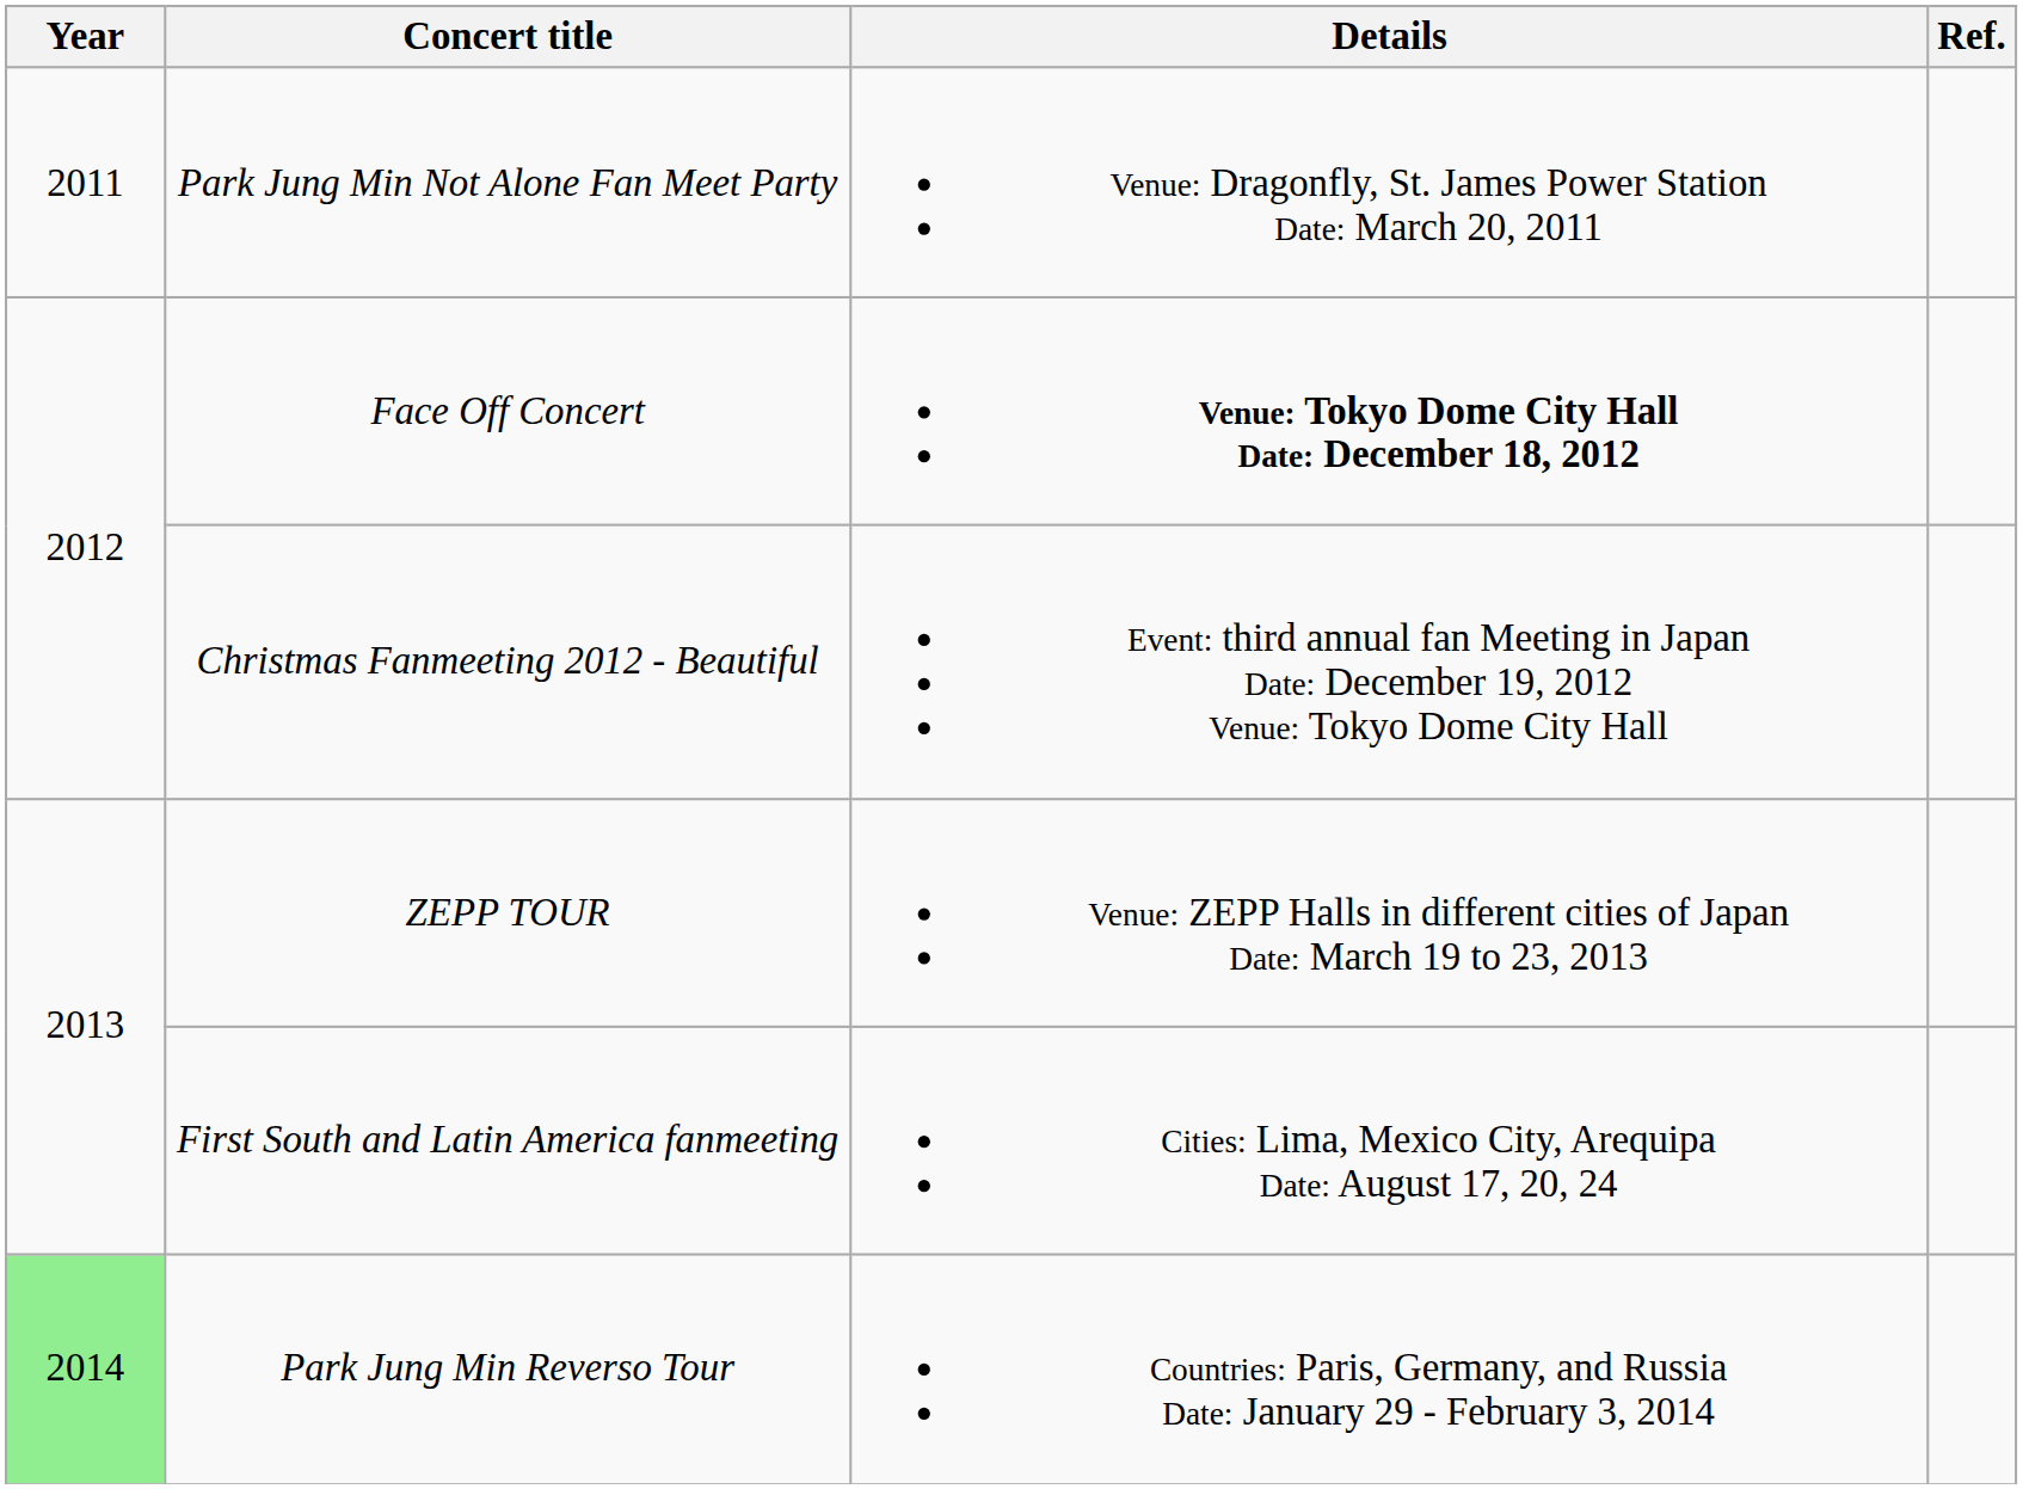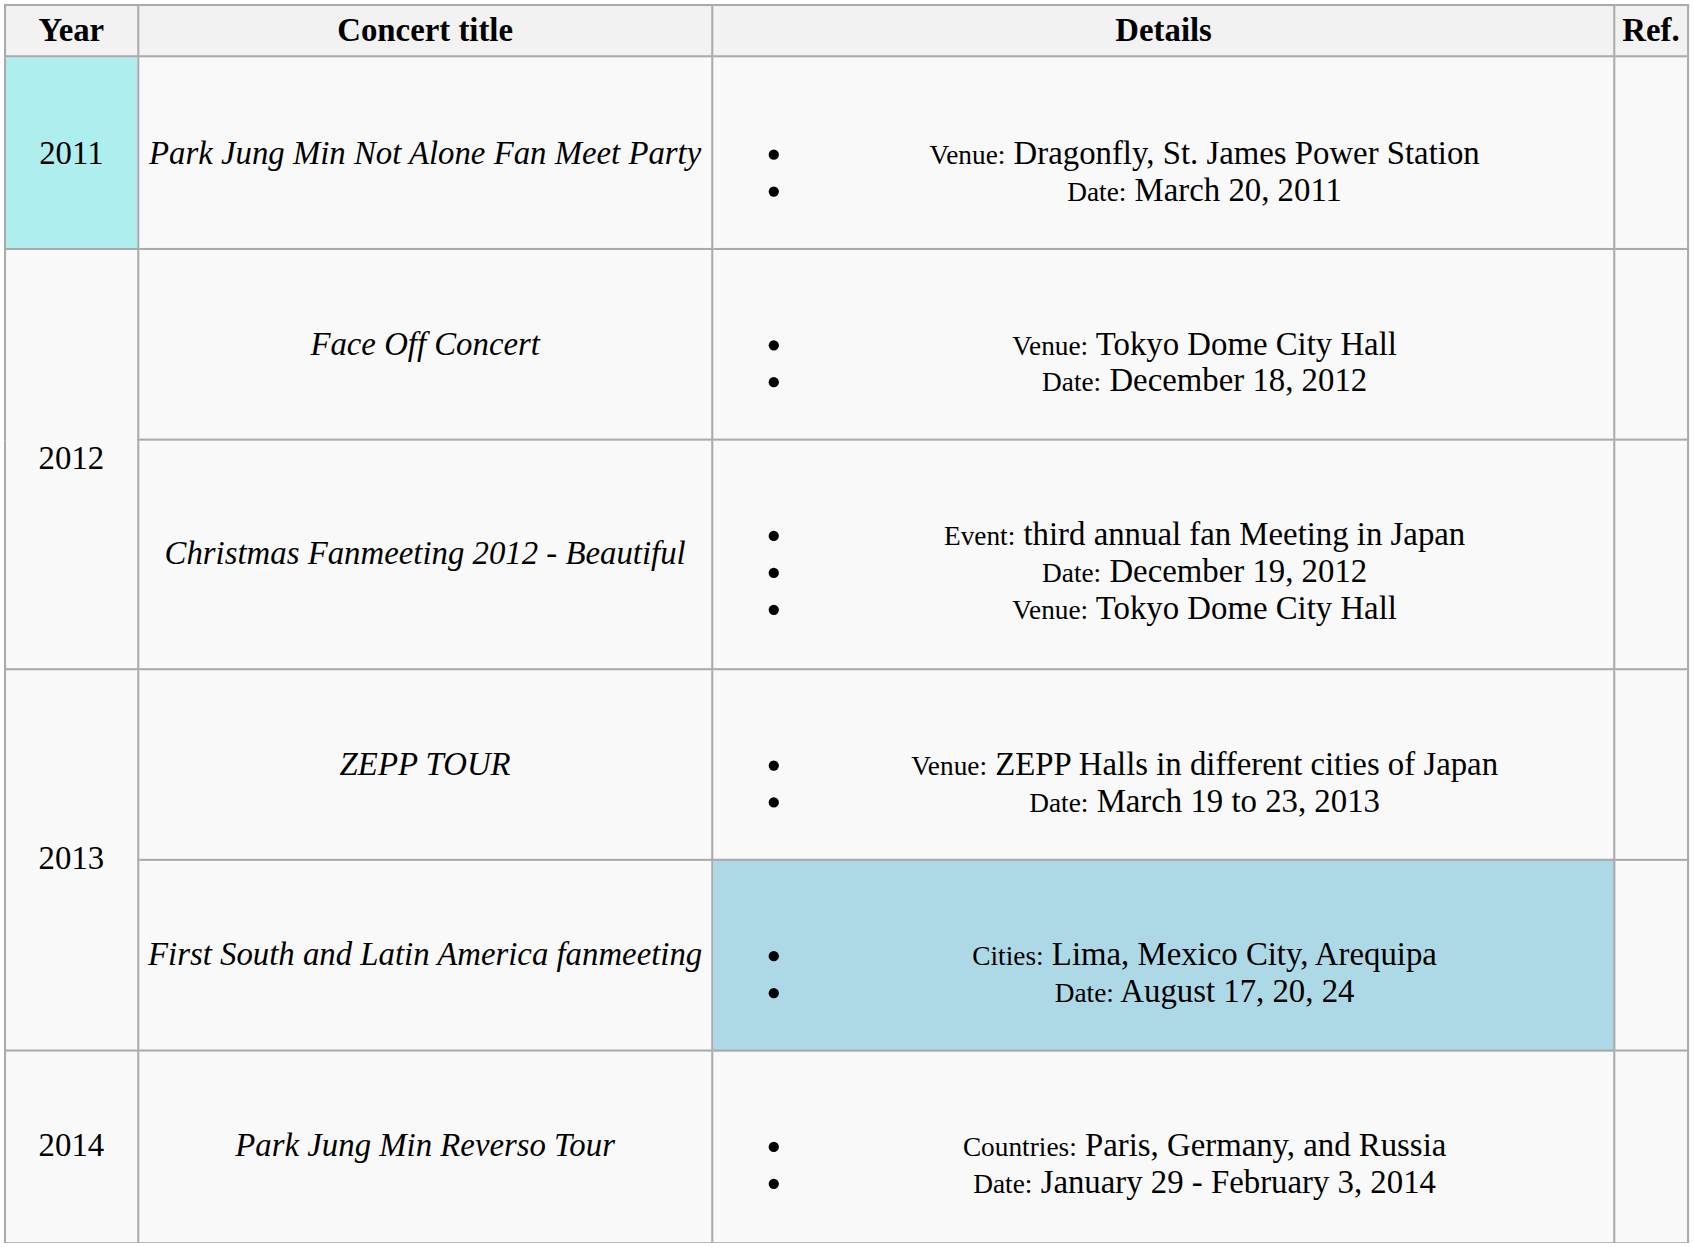 <table class="wikitable"  style="width:65%; text-align:center;">
 <tr>
 <th width=8%>Year</th>
 <th width=35%>Concert title</th>
 <th width=55%>Details</th>
 <th width=2%>Ref.</th>
 </tr>
 <tr>
-<td>2011</td>
+<td style="background: paleturquoise;">2011</td>
 <td><em>Park Jung Min Not Alone Fan Meet Party</em></td>
 <td><br><ul><li><small>Venue:</small> Dragonfly, St. James Power Station</li><li><small>Date:</small> March 20, 2011</li></ul></td>
 <td></td>
 </tr>
 <tr>
 <td rowspan=2>2012</td>
 <td><em>Face Off Concert</em></td>
-<td><strong><br><ul><li><small>Venue:</small> Tokyo Dome City Hall</li><li><small>Date:</small> December 18, 2012</li></ul></strong></td>
+<td><br><ul><li><small>Venue:</small> Tokyo Dome City Hall</li><li><small>Date:</small> December 18, 2012</li></ul></td>
 <td></td>
 </tr>
 <tr>
 <td><em>Christmas Fanmeeting 2012 - Beautiful</em></td>
 <td><br><ul><li><small>Event:</small> third annual fan Meeting in Japan</li><li><small>Date:</small> December 19, 2012</li><li><small>Venue:</small> Tokyo Dome City Hall</li></ul></td>
 <td></td>
 </tr>
 <tr>
 <td rowspan=2>2013</td>
 <td><em>ZEPP TOUR</em></td>
 <td><br><ul><li><small>Venue:</small> ZEPP Halls in different cities of Japan</li><li><small>Date:</small> March 19 to 23, 2013</li></ul></td>
 <td></td>
 </tr>
 <tr>
 <td><em>First South and Latin America fanmeeting</em></td>
-<td><br><ul><li><small>Cities:</small> Lima, Mexico City, Arequipa</li><li><small>Date:</small> August 17, 20, 24</li></ul></td>
+<td style="background: lightblue;"><br><ul><li><small>Cities:</small> Lima, Mexico City, Arequipa</li><li><small>Date:</small> August 17, 20, 24</li></ul></td>
 <td></td>
 </tr>
 <tr>
-<td style="background: lightgreen;">2014</td>
+<td>2014</td>
 <td><em>Park Jung Min Reverso Tour</em></td>
 <td><br><ul><li><small>Countries:</small> Paris, Germany, and Russia</li><li><small>Date:</small> January 29 - February 3, 2014</li></ul></td>
 <td></td>
 </tr>
 </table>
